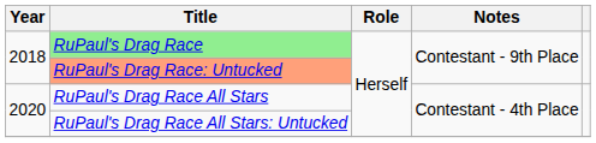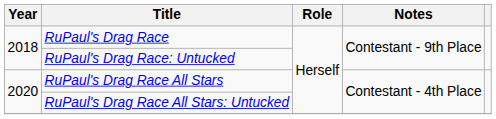 <table class="wikitable plainrowheaders sortable">
 <tr>
 <th scope="col">Year</th>
 <th scope="col">Title</th>
 <th scope="col">Role</th>
 <th scope="col">Notes</th>
 <th style="text-align: center;" class="unsortable"></th>
 </tr>
 <tr>
 <td rowspan="2">2018</td>
-<td style="background: lightgreen;"><em><a href='#'>RuPaul's Drag Race</a></em></td>
+<td><em><a href='#'>RuPaul's Drag Race</a></em></td>
 <td rowspan="4">Herself</td>
 <td rowspan="2">Contestant - 9th Place</td>
 <td rowspan="2" style="text-align: center;"></td>
 </tr>
 <tr>
-<td style="background: lightsalmon;"><em><a href='#'>RuPaul's Drag Race: Untucked</a></em></td>
+<td><em><a href='#'>RuPaul's Drag Race: Untucked</a></em></td>
 </tr>
 <tr>
 <td rowspan="2">2020</td>
 <td scope="row"><a href='#'><em>RuPaul's Drag Race All Stars</em></a></td>
 <td rowspan="2">Contestant - 4th Place</td>
 <td rowspan="2" style="text-align: center;"></td>
 </tr>
 <tr>
 <td><a href='#'><em>RuPaul's Drag Race All Stars: Untucked</em></a></td>
 </tr>
 <tr>
 </tr>
 </table>
